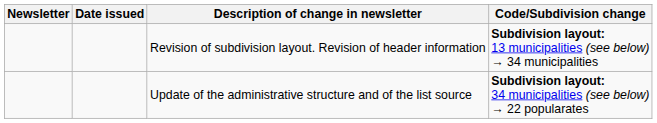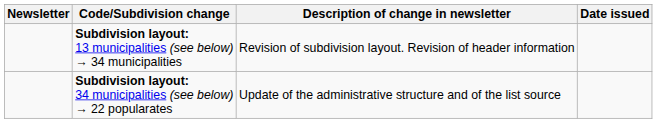 <table class="wikitable">
 <tr>
 <th>Newsletter</th>
+<th>Code/Subdivision change</th>
+<th>Description of change in newsletter</th>
 <th>Date issued</th>
-<th>Description of change in newsletter</th>
-<th>Code/Subdivision change</th>
 </tr>
 <tr>
 <td id="I-5"></td>
+<td style=white-space:nowrap><strong>Subdivision layout:</strong><br> <a href='#'>13 municipalities</a> <em>(see below)</em><br> → 34 municipalities</td>
+<td>Revision of subdivision layout. Revision of header information</td>
 <td></td>
-<td>Revision of subdivision layout. Revision of header information</td>
-<td style=white-space:nowrap><strong>Subdivision layout:</strong><br> <a href='#'>13 municipalities</a> <em>(see below)</em><br> → 34 municipalities</td>
 </tr>
 <tr>
 <td id="II-2"></td>
+<td style=white-space:nowrap><strong>Subdivision layout:</strong><br> <a href='#'>34 municipalities</a> <em>(see below)</em><br> → 22 popularates</td>
+<td>Update of the administrative structure and of the list source</td>
 <td></td>
-<td>Update of the administrative structure and of the list source</td>
-<td style=white-space:nowrap><strong>Subdivision layout:</strong><br> <a href='#'>34 municipalities</a> <em>(see below)</em><br> → 22 popularates</td>
 </tr>
 </table>
